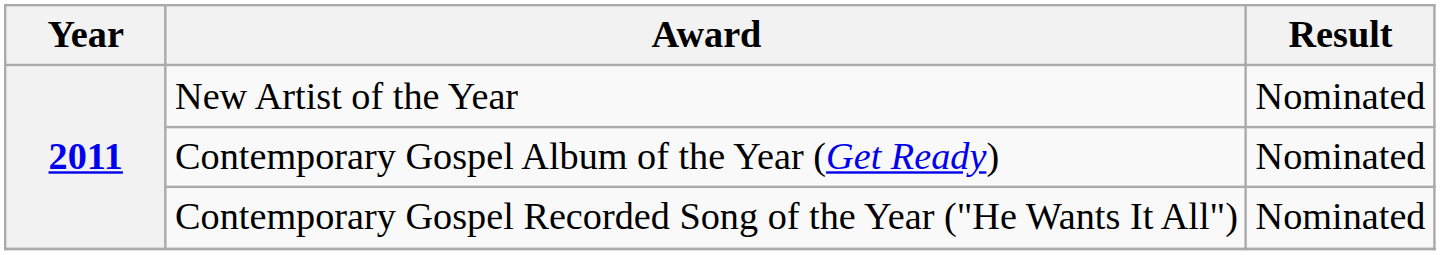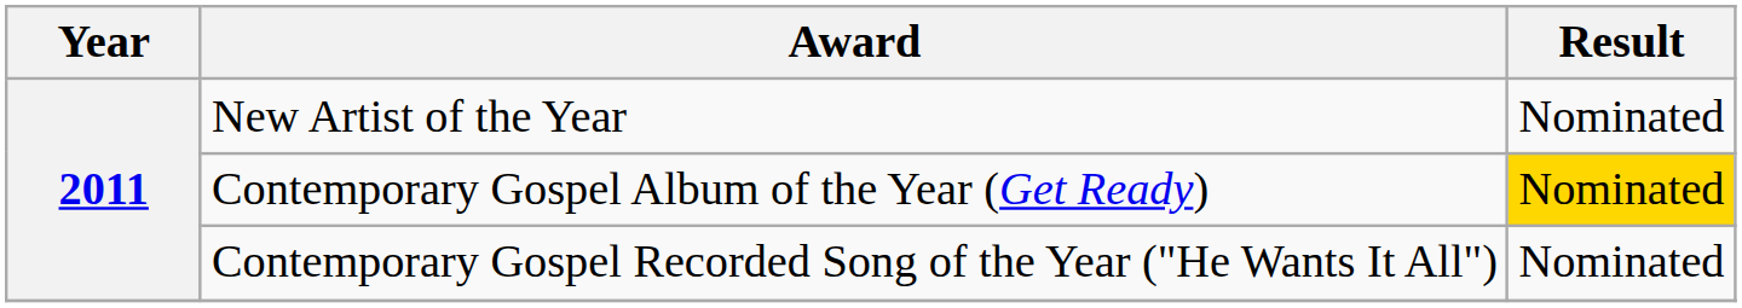 <table class="wikitable">
 <tr>
 <th width="60px">Year</th>
 <th>Award</th>
 <th>Result</th>
 </tr>
 <tr>
 <th rowspan="3"><a href='#'>2011</a></th>
 <td>New Artist of the Year</td>
 <td>Nominated</td>
 </tr>
 <tr>
 <td>Contemporary Gospel Album of the Year (<em><a href='#'>Get Ready</a></em>)</td>
-<td>Nominated</td>
+<td style="background: gold;">Nominated</td>
 </tr>
 <tr>
 <td>Contemporary Gospel Recorded Song of the Year ("He Wants It All")</td>
 <td>Nominated</td>
 </tr>
 <tr>
 </tr>
 </table>
